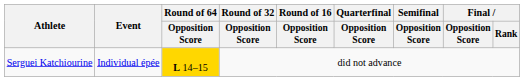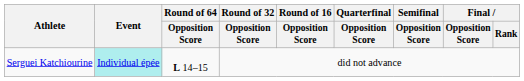 <table class="wikitable" style="font-size:90%">
 <tr>
 <th rowspan="2">Athlete</th>
 <th rowspan="2">Event</th>
 <th>Round of 64</th>
 <th>Round of 32</th>
 <th>Round of 16</th>
 <th>Quarterfinal</th>
 <th>Semifinal</th>
 <th colspan=2>Final / </th>
 </tr>
 <tr style="font-size:95%">
 <th>Opposition <br> Score</th>
 <th>Opposition <br> Score</th>
 <th>Opposition <br> Score</th>
 <th>Opposition <br> Score</th>
 <th>Opposition <br> Score</th>
 <th>Opposition <br> Score</th>
 <th>Rank</th>
 </tr>
 <tr align=center>
 <td align=left><a href='#'>Serguei Katchiourine</a></td>
-<td align=left><a href='#'>Individual épée</a></td>
-<td style="background: gold;"><br><strong>L</strong> 14–15</td>
+<td align=left style="background: paleturquoise;"><a href='#'>Individual épée</a></td>
+<td><br><strong>L</strong> 14–15</td>
 <td colspan=6>did not advance</td>
 </tr>
 </table>
